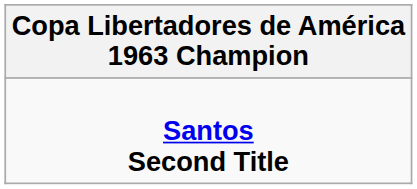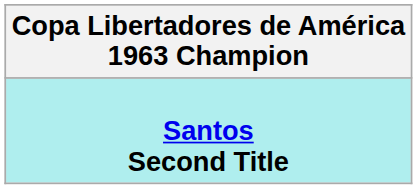 <table class="wikitable" style="text-align: center; margin: 0 auto;">
 <tr>
 <th>Copa Libertadores de América<br>1963 Champion</th>
 </tr>
 <tr>
-<td><br><strong><a href='#'>Santos</a></strong><br><strong>Second Title</strong></td>
+<td style="background: paleturquoise;"><br><strong><a href='#'>Santos</a></strong><br><strong>Second Title</strong></td>
 </tr>
 </table>
